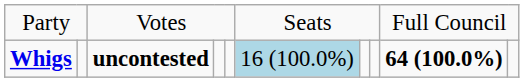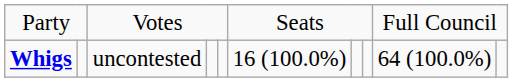 <table class=wikitable style="text-align:center;">
 <tr>
 <td colspan=2>Party</td>
 <td colspan=3>Votes</td>
 <td colspan=3>Seats</td>
 <td colspan=3>Full Council</td>
 </tr>
 <tr>
 <td><strong><a href='#'>Whigs</a></strong></td>
 <td style="background:"></td>
-<td><strong>uncontested</strong></td>
+<td>uncontested</td>
 <td></td>
 <td></td>
-<td style="background: lightblue;">16 (100.0%)</td>
+<td>16 (100.0%)</td>
 <td></td>
 <td></td>
-<td><strong>64 (100.0%)</strong></td>
+<td>64 (100.0%)</td>
 <td></td>
 </tr>
 </table>
